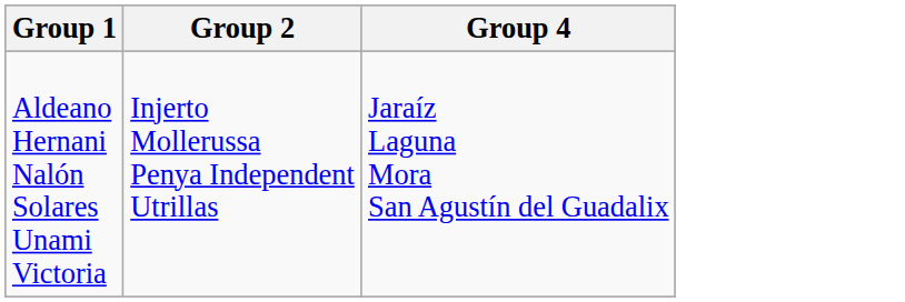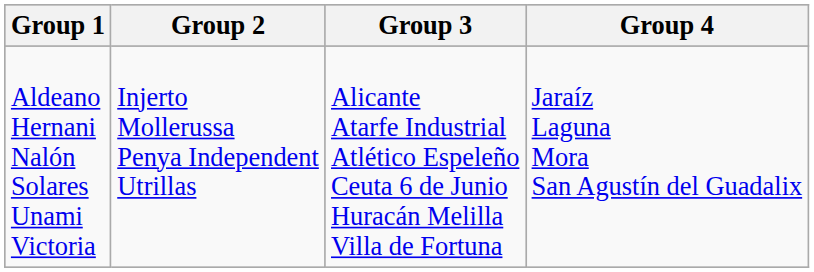 <table class="wikitable">
 <tr>
 <th>Group 1</th>
 <th>Group 2</th>
+<th>Group 3</th>
 <th>Group 4</th>
 </tr>
 <tr valign=top>
 <td><br><a href='#'>Aldeano</a><br> <a href='#'>Hernani</a><br> <a href='#'>Nalón</a><br> <a href='#'>Solares</a><br> <a href='#'>Unami</a><br> <a href='#'>Victoria</a></td>
 <td><br><a href='#'>Injerto</a><br> <a href='#'>Mollerussa</a><br> <a href='#'>Penya Independent</a><br> <a href='#'>Utrillas</a></td>
+<td><br><a href='#'>Alicante</a><br> <a href='#'>Atarfe Industrial</a><br> <a href='#'>Atlético Espeleño</a><br> <a href='#'>Ceuta 6 de Junio</a><br> <a href='#'>Huracán Melilla</a><br> <a href='#'>Villa de Fortuna</a></td>
 <td><br><a href='#'>Jaraíz</a><br> <a href='#'>Laguna</a><br> <a href='#'>Mora</a><br> <a href='#'>San Agustín del Guadalix</a></td>
 </tr>
 </table>
